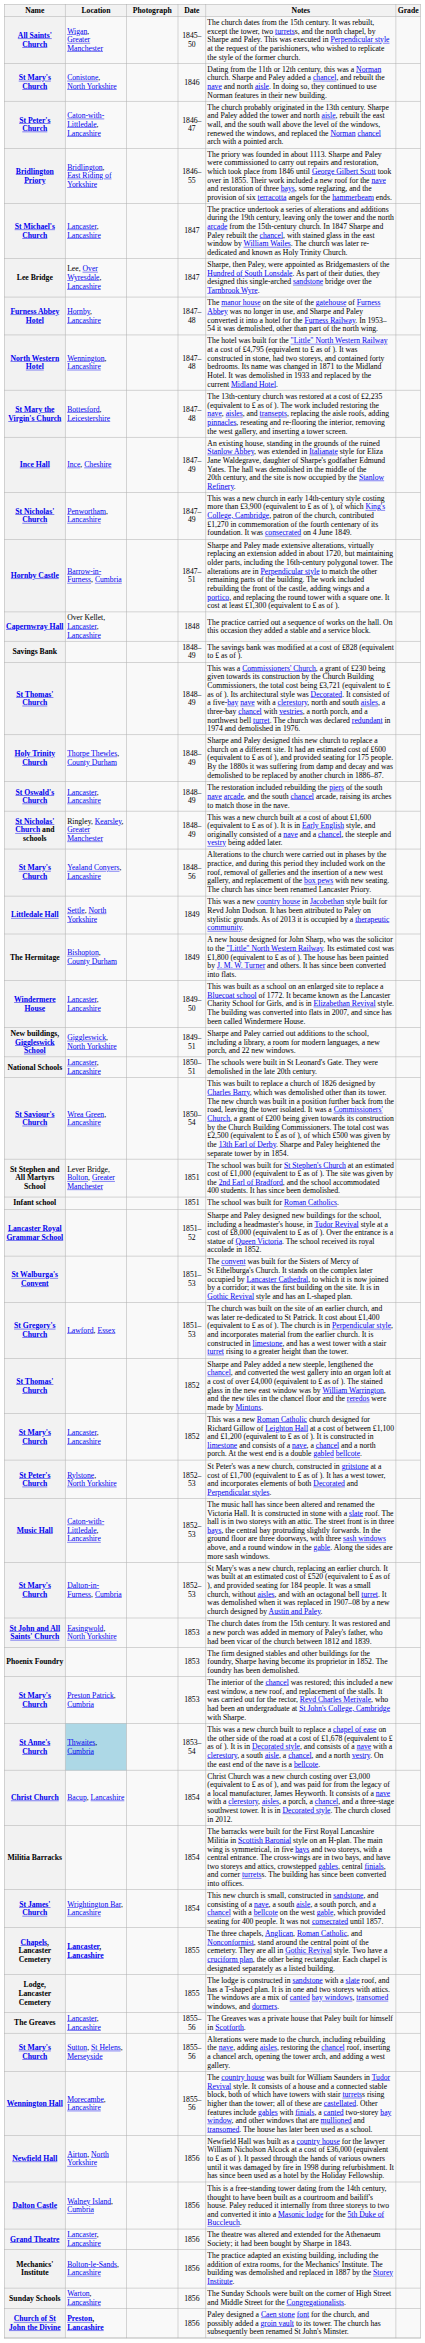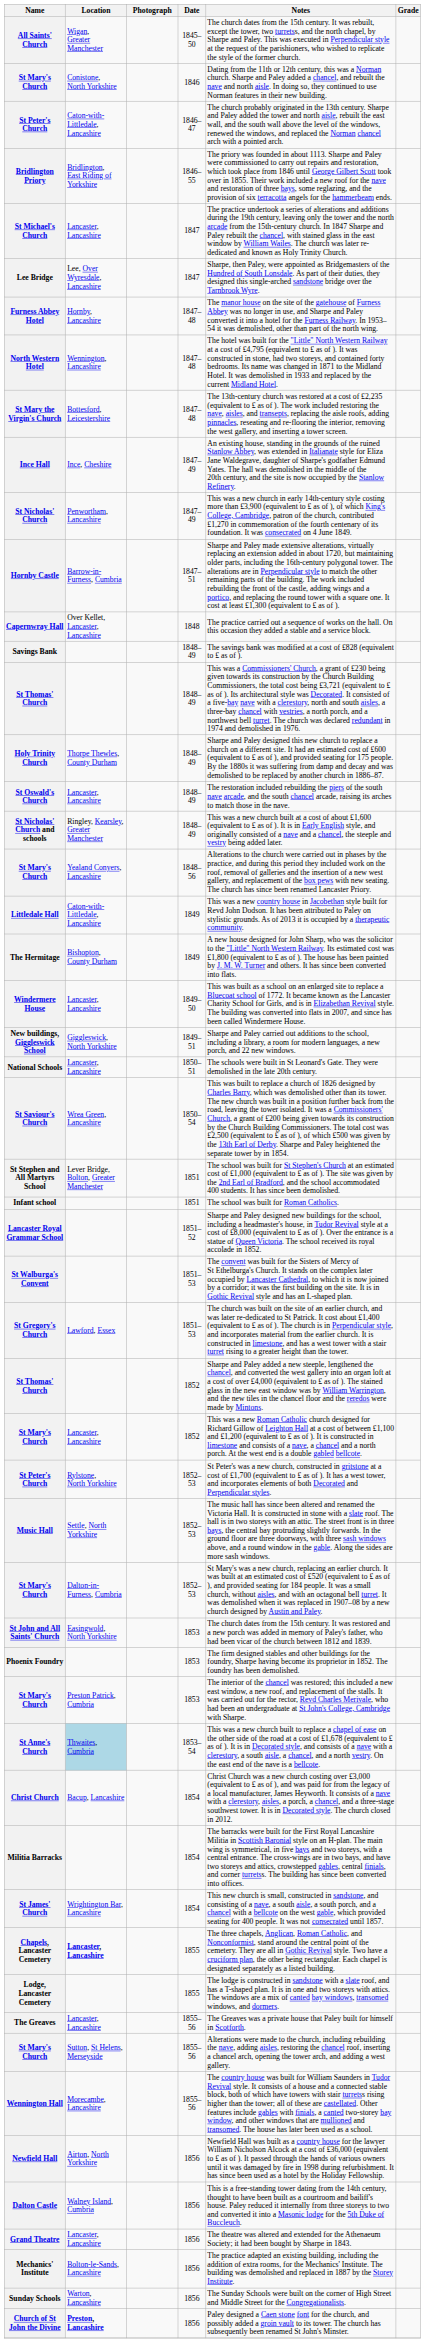 <table class="wikitable sortable plainrowheaders">
 <tr>
 <th scope="col" style="width:120px">Name</th>
 <th scope="col" style="width:120px">Location</th>
 <th scope="col" style="width:100px" class="unsortable">Photograph</th>
 <th scope="col" style="width:50px">Date</th>
 <th scope="col" class="unsortable">Notes</th>
 <th scope="col" style="width:24px">Grade</th>
 </tr>
 <tr>
 <th scope="row"><a href='#'>All Saints' Church</a></th>
 <td><a href='#'>Wigan</a>,<br><a href='#'>Greater Manchester</a><br><small></small></td>
 <td></td>
 <td align="center">1845–50</td>
 <td>The church dates from the 15th century.  It was rebuilt, except the tower, two <a href='#'>turrets</a>s, and the north chapel, by Sharpe and Paley.  This was executed in <a href='#'>Perpendicular style</a> at the request of the parishioners, who wished to replicate the style of the former church.</td>
 <td align="center" ></td>
 </tr>
 <tr>
 <th scope="row"><a href='#'>St Mary's Church</a></th>
 <td><a href='#'>Conistone</a>,<br><a href='#'>North Yorkshire</a><br><small></small></td>
 <td></td>
 <td align="center">1846</td>
 <td>Dating from the 11th or 12th century, this was a <a href='#'>Norman</a> church.  Sharpe and Paley added a <a href='#'>chancel</a>, and rebuilt the <a href='#'>nave</a> and north <a href='#'>aisle</a>.  In doing so, they continued to use Norman features in their new building.</td>
 <td align="center" ></td>
 </tr>
 <tr>
 <th scope="row"><a href='#'>St Peter's Church</a></th>
 <td><a href='#'>Caton-with-Littledale</a>, <a href='#'>Lancashire</a><br><small></small></td>
 <td></td>
 <td align="center">1846–47</td>
 <td>The church probably originated in the 13th century.  Sharpe and Paley added the tower and north <a href='#'>aisle</a>, rebuilt the east wall, and the south wall above the level of the windows, renewed the windows, and replaced the <a href='#'>Norman</a> <a href='#'>chancel</a> arch with a pointed arch.</td>
 <td align="center" ></td>
 </tr>
 <tr>
 <th scope="row"><a href='#'>Bridlington Priory</a></th>
 <td><a href='#'>Bridlington</a>,<br><a href='#'>East Riding of Yorkshire</a><br><small></small></td>
 <td></td>
 <td align="center">1846–55</td>
 <td>The priory was founded in about 1113.  Sharpe and Paley were commissioned to carry out repairs and restoration, which took place from 1846 until <a href='#'>George Gilbert Scott</a> took over in 1855.  Their work included a new roof for the <a href='#'>nave</a> and restoration of three <a href='#'>bays</a>, some reglazing, and the provision of six <a href='#'>terracotta</a> angels for the <a href='#'>hammerbeam</a> ends.</td>
 <td align="center" ></td>
 </tr>
 <tr>
 <th scope="row"><a href='#'>St Michael's Church</a></th>
 <td><a href='#'>Lancaster</a>, <a href='#'>Lancashire</a><br><small></small></td>
 <td></td>
 <td align="center">1847</td>
 <td>The practice undertook a series of alterations and additions during the 19th century, leaving only the tower and the north <a href='#'>arcade</a> from the 15th-century church.  In 1847 Sharpe and Paley rebuilt the <a href='#'>chancel</a>, with stained glass in the east window by <a href='#'>William Wailes</a>.  The church was later re-dedicated and known as Holy Trinity Church.</td>
 <td align="center" ></td>
 </tr>
 <tr>
 <th scope="row">Lee Bridge</th>
 <td>Lee, <a href='#'>Over Wyresdale</a>, <a href='#'>Lancashire</a><br><small></small></td>
 <td></td>
 <td align="center">1847</td>
 <td>Sharpe, then Paley, were appointed as Bridgemasters of the <a href='#'>Hundred of South Lonsdale</a>.  As part of their duties, they designed this single-arched <a href='#'>sandstone</a> bridge over the <a href='#'>Tarnbrook Wyre</a>.</td>
 <td align="center" ></td>
 </tr>
 <tr>
 <th scope="row"><a href='#'>Furness Abbey Hotel</a></th>
 <td><a href='#'>Hornby</a>, <a href='#'>Lancashire</a><br><small></small></td>
 <td></td>
 <td align="center">1847–48</td>
 <td>The <a href='#'>manor house</a> on the site of the <a href='#'>gatehouse</a> of <a href='#'>Furness Abbey</a> was no longer in use, and Sharpe and Paley converted it into a hotel for the <a href='#'>Furness Railway</a>.  In 1953–54 it was demolished, other than part of the north wing.</td>
 <td align="center" ></td>
 </tr>
 <tr>
 <th scope="row"><a href='#'>North Western Hotel</a></th>
 <td><a href='#'>Wennington</a>, <a href='#'>Lancashire</a><br><small></small></td>
 <td></td>
 <td align="center">1847–48</td>
 <td>The hotel was built for the <a href='#'>"Little" North Western Railway</a> at a cost of £4,795 (equivalent to £ as of ). It was constructed in stone, had two storeys, and contained forty bedrooms.  Its name was changed in 1871 to the Midland Hotel.  It was demolished in 1933 and replaced by the current <a href='#'>Midland Hotel</a>.</td>
 <td></td>
 </tr>
 <tr>
 <th scope="row"><a href='#'>St Mary the Virgin's Church</a></th>
 <td><a href='#'>Bottesford</a>, <a href='#'>Leicestershire</a><br><small></small></td>
 <td></td>
 <td align="center">1847–48</td>
 <td>The 13th-century church was restored at a cost of £2,235 (equivalent to £ as of ).  The work included restoring the <a href='#'>nave</a>, <a href='#'>aisles</a>, and <a href='#'>transepts</a>, replacing the aisle roofs, adding <a href='#'>pinnacles</a>, reseating and re-flooring the interior, removing the west gallery, and inserting a tower screen.</td>
 <td align="center" ></td>
 </tr>
 <tr>
 <th scope="row"><a href='#'>Ince Hall</a></th>
 <td><a href='#'>Ince</a>, <a href='#'>Cheshire</a></td>
 <td></td>
 <td align="center">1847–49</td>
 <td>An existing house, standing in the grounds of the ruined <a href='#'>Stanlow Abbey</a>, was extended in <a href='#'>Italianate</a> style for Eliza Jane Waldegrave, daughter of Sharpe's godfather Edmund Yates.  The hall was demolished in the middle of the 20th century, and the site is now occupied by the <a href='#'>Stanlow Refinery</a>.</td>
 <td></td>
 </tr>
 <tr>
 <th scope="row"><a href='#'>St Nicholas' Church</a></th>
 <td><a href='#'>Penwortham</a>, <a href='#'>Lancashire</a><small><br></small></td>
 <td></td>
 <td align="center">1847–49</td>
 <td>This was a new church in early 14th-century style costing more than £3,900 (equivalent to £ as of ), of which <a href='#'>King's College, Cambridge</a>, patron of the church, contributed £1,270 in commemoration of the fourth centenary of its foundation.  It was <a href='#'>consecrated</a> on 4 June 1849.</td>
 <td align="center" ></td>
 </tr>
 <tr>
 <th scope="row"><a href='#'>Hornby Castle</a></th>
 <td><a href='#'>Barrow-in-Furness</a>, <a href='#'>Cumbria</a><br><small></small></td>
 <td></td>
 <td align="center">1847–51</td>
 <td>Sharpe and Paley made extensive alterations, virtually replacing an extension added in about 1720, but maintaining older parts, including the 16th-century polygonal tower. The alterations are in <a href='#'>Perpendicular style</a> to match the other remaining parts of the building.  The work included rebuilding the front of the castle, adding wings and a <a href='#'>portico</a>, and replacing the round tower with a square one.  It cost at least £1,300 (equivalent to £ as of ).</td>
 <td align="center" ></td>
 </tr>
 <tr>
 <th scope="row"><a href='#'>Capernwray Hall</a></th>
 <td>Over Kellet, <a href='#'>Lancaster</a>, <a href='#'>Lancashire</a><br><small></small></td>
 <td></td>
 <td align="center">1848</td>
 <td>The practice carried out a sequence of works on the hall.  On this occasion they added a stable and a service block.</td>
 <td align="center" ></td>
 </tr>
 <tr>
 <th scope="row">Savings Bank</th>
 <td></td>
 <td></td>
 <td align="center">1848–49</td>
 <td>The savings bank was modified at a cost of £828 (equivalent to £ as of ).</td>
 <td></td>
 </tr>
 <tr>
 <th scope="row"><a href='#'>St Thomas' Church</a></th>
 <td></td>
 <td></td>
 <td align="center">1848–49</td>
 <td>This was a <a href='#'>Commissioners' Church</a>, a grant of £230 being given towards its construction by the Church Building Commissioners, the total cost being £3,721 (equivalent to £ as of ).  Its architectural style was <a href='#'>Decorated</a>. It consisted of a five-<a href='#'>bay</a> <a href='#'>nave</a> with a <a href='#'>clerestory</a>, north and south <a href='#'>aisles</a>, a three-bay <a href='#'>chancel</a> with <a href='#'>vestries</a>, a north porch, and a northwest bell <a href='#'>turret</a>.  The church was declared <a href='#'>redundant</a> in 1974 and demolished in 1976.</td>
 <td align="center" ></td>
 </tr>
 <tr>
 <th scope="row"><a href='#'>Holy Trinity Church</a></th>
 <td><a href='#'>Thorpe Thewles</a>,<br><a href='#'>County Durham</a><br><small></small></td>
 <td></td>
 <td align="center">1848–49</td>
 <td>Sharpe and Paley designed this new church to replace a church on a different site.  It had an estimated cost of £600 (equivalent to £ as of ), and provided seating for 175 people.  By the 1880s it was suffering from damp and decay and was demolished to be replaced by another church in 1886–87.</td>
 <td></td>
 </tr>
 <tr>
 <th scope="row"><a href='#'>St Oswald's Church</a></th>
 <td><a href='#'>Lancaster</a>, <a href='#'>Lancashire</a><small><br></small></td>
 <td></td>
 <td align="center">1848–49</td>
 <td>The restoration included rebuilding the <a href='#'>piers</a> of the south <a href='#'>nave</a> <a href='#'>arcade</a>, and the south <a href='#'>chancel</a> arcade, raising its arches to match those in the nave.</td>
 <td align="center" ></td>
 </tr>
 <tr>
 <th scope="row"><a href='#'>St Nicholas' Church</a> and schools</th>
 <td>Ringley, <a href='#'>Kearsley</a>,<br><a href='#'>Greater Manchester</a><br><small></small></td>
 <td></td>
 <td align="center">1848–49</td>
 <td>This was a new church built at a cost of about £1,600 (equivalent to £ as of ).  It is in <a href='#'>Early English</a> style, and originally consisted of a <a href='#'>nave</a> and a <a href='#'>chancel</a>, the steeple and <a href='#'>vestry</a> being added later.</td>
 <td align="center" ></td>
 </tr>
 <tr>
 <th scope="row"><a href='#'>St Mary's Church</a></th>
 <td><a href='#'>Yealand Conyers</a>, <a href='#'>Lancashire</a><small><br></small></td>
 <td></td>
 <td align="center">1848–56</td>
 <td>Alterations to the church were carried out in phases by the practice, and during this period they included work on the roof, removal of galleries and the insertion of a new west gallery, and replacement of the <a href='#'>box pews</a> with new seating.  The church has since been renamed Lancaster Priory.</td>
 <td align="center" ></td>
 </tr>
 <tr>
 <th scope="row"><a href='#'>Littledale Hall</a></th>
-<td><a href='#'>Settle</a>, <a href='#'>North Yorkshire</a><small><br></small></td>
+<td><a href='#'>Caton-with-Littledale</a>, <a href='#'>Lancashire</a><br><small></small></td>
 <td></td>
 <td align="center">1849</td>
 <td>This was a new <a href='#'>country house</a> in <a href='#'>Jacobethan</a> style built for Revd John Dodson.  It has been attributed to Paley on stylistic grounds.  As of 2013 it is occupied by a <a href='#'>therapeutic community</a>.</td>
 <td align="center" ></td>
 </tr>
 <tr>
 <th scope="row">The Hermitage</th>
 <td><a href='#'>Bishopton</a>,<br><a href='#'>County Durham</a><br><small></small></td>
 <td></td>
 <td align="center">1849</td>
 <td>A new house designed for John Sharp, who was the solicitor to the <a href='#'>"Little" North Western Railway</a>.  Its estimated cost was £1,800 (equivalent to £ as of ).  The house has been painted by <a href='#'>J. M. W. Turner</a> and others.  It has since been converted into flats.</td>
 <td></td>
 </tr>
 <tr>
 <th scope="row"><a href='#'>Windermere House</a></th>
 <td><a href='#'>Lancaster</a>, <a href='#'>Lancashire</a><br><small></small></td>
 <td></td>
 <td align="center">1849–50</td>
 <td>This was built as a school on an enlarged site to replace a <a href='#'>Bluecoat school</a> of 1772. It became known as the Lancaster Charity School for Girls, and is in <a href='#'>Elizabethan Revival</a> style. The building was converted into flats in 2007, and since has been called Windermere House.</td>
 <td align="center" ></td>
 </tr>
 <tr>
 <th scope="row">New buildings,<br><a href='#'>Giggleswick School</a></th>
 <td><a href='#'>Giggleswick</a>,<br><a href='#'>North Yorkshire</a><br><small></small></td>
 <td></td>
 <td align="center">1849–51</td>
 <td>Sharpe and Paley carried out additions to the school, including a library, a room for modern languages, a new porch, and 22 new windows.</td>
 <td></td>
 </tr>
 <tr>
 <th scope="row">National Schools</th>
 <td><a href='#'>Lancaster</a>, <a href='#'>Lancashire</a></td>
 <td></td>
 <td align="center">1850–51</td>
 <td>The schools were built in St Leonard's Gate.  They were demolished in the late 20th century.</td>
 <td></td>
 </tr>
 <tr>
 <th scope="row"><a href='#'>St Saviour's Church</a></th>
 <td><a href='#'>Wrea Green</a>, <a href='#'>Lancashire</a><br><small></small></td>
 <td></td>
 <td align="center">1850–54</td>
 <td>This was built to replace a church of 1826 designed by <a href='#'>Charles Barry</a>, which was demolished other than its tower.  The new church was built in a position further back from the road, leaving the tower isolated.  It was a <a href='#'>Commissioners' Church</a>, a grant of £200 being given towards its construction by the Church Building Commissioners.  The total cost was £2,500 (equivalent to £ as of ), of which £500 was given by the <a href='#'>13th Earl of Derby</a>.  Sharpe and Paley heightened the separate tower by  in 1854.</td>
 <td align="center" ></td>
 </tr>
 <tr>
 <th scope="row">St Stephen and All Martyrs School</th>
 <td>Lever Bridge, <a href='#'>Bolton</a>, <a href='#'>Greater Manchester</a></td>
 <td></td>
 <td align="center">1851</td>
 <td>The school was built for <a href='#'>St Stephen's Church</a> at an estimated cost of £1,000 (equivalent to £ as of ).  The site was given by the <a href='#'>2nd Earl of Bradford</a>, and the school accommodated 400 students. It has since been demolished.</td>
 <td></td>
 </tr>
 <tr>
 <th scope="row">Infant school</th>
 <td></td>
 <td></td>
 <td align="center">1851</td>
 <td>The school was built for <a href='#'>Roman Catholics</a>.</td>
 <td></td>
 </tr>
 <tr>
 <th scope="row"><a href='#'>Lancaster Royal Grammar School</a></th>
 <td><br><small></small></td>
 <td></td>
 <td align="center">1851–52</td>
 <td>Sharpe and Paley designed new buildings for the school, including a headmaster's house, in <a href='#'>Tudor Revival</a> style at a cost of £8,000 (equivalent to £ as of ).  Over the entrance is a statue of <a href='#'>Queen Victoria</a>.  The school received its royal accolade in 1852.</td>
 <td align="center" ></td>
 </tr>
 <tr>
 <th scope="row"><a href='#'>St Walburga's Convent</a></th>
 <td><br><small></small></td>
 <td></td>
 <td align="center">1851–53</td>
 <td>The <a href='#'>convent</a> was built for the Sisters of Mercy of St Ethelburga's Church.  It stands on the complex later occupied by <a href='#'>Lancaster Cathedral</a>, to which it is now joined by a corridor; it was the first building on the site.  It is in <a href='#'>Gothic Revival</a> style and has an L-shaped plan.</td>
 <td align="center" ></td>
 </tr>
 <tr>
 <th scope="row"><a href='#'>St Gregory's Church</a></th>
 <td><a href='#'>Lawford</a>, <a href='#'>Essex</a><small><br></small></td>
 <td></td>
 <td align="center">1851–53</td>
 <td>The church was built on the site of an earlier church, and was later re-dedicated to St Patrick.  It cost about £1,400 (equivalent to £ as of ).  The church is in <a href='#'>Perpendicular style</a>, and incorporates material from the earlier church.  It is constructed in <a href='#'>limestone</a>, and has a west tower with a stair <a href='#'>turret</a> rising to a greater height than the tower.</td>
 <td align="center" ></td>
 </tr>
 <tr>
 <th scope="row"><a href='#'>St Thomas' Church</a></th>
 <td><small><br></small></td>
 <td></td>
 <td align="center">1852</td>
 <td>Sharpe and Paley added a new steeple, lengthened the <a href='#'>chancel</a>, and converted the west gallery into an organ loft at a cost of over £4,000 (equivalent to £ as of ).  The stained glass in the new east window was by <a href='#'>William Warrington</a>, and the new tiles in the chancel floor and the <a href='#'>reredos</a> were made by <a href='#'>Mintons</a>.</td>
 <td align="center" ></td>
 </tr>
 <tr>
 <th scope="row"><a href='#'>St Mary's Church</a></th>
 <td><a href='#'>Lancaster</a>, <a href='#'>Lancashire</a><br><small></small></td>
 <td></td>
 <td align="center">1852</td>
 <td>This was a new <a href='#'>Roman Catholic</a> church designed for Richard Gillow of <a href='#'>Leighton Hall</a> at a cost of between £1,100 and £1,200 (equivalent to £ as of ).  It is constructed in <a href='#'>limestone</a> and consists of a <a href='#'>nave</a>, a <a href='#'>chancel</a> and a north porch.  At the west end is a double <a href='#'>gabled</a> <a href='#'>bellcote</a>.</td>
 <td align="center" ></td>
 </tr>
 <tr>
 <th scope="row"><a href='#'>St Peter's Church</a></th>
 <td><a href='#'>Rylstone</a>,<br><a href='#'>North Yorkshire</a><small><br></small></td>
 <td></td>
 <td align="center">1852–53</td>
 <td>St Peter's was a new church, constructed in <a href='#'>gritstone</a> at a cost of £1,700 (equivalent to £ as of ).  It has a west tower, and incorporates elements of both <a href='#'>Decorated</a> and <a href='#'>Perpendicular styles</a>.</td>
 <td align="center" ></td>
 </tr>
 <tr>
 <th scope="row"><a href='#'>Music Hall</a></th>
-<td><a href='#'>Caton-with-Littledale</a>, <a href='#'>Lancashire</a><br><small></small></td>
+<td><a href='#'>Settle</a>, <a href='#'>North Yorkshire</a><small><br></small></td>
 <td></td>
 <td align="center">1852–53</td>
 <td>The music hall has since been altered and renamed the Victoria Hall.  It is constructed in stone with a <a href='#'>slate</a> roof.  The hall is in two storeys with an attic.  The street front is in three <a href='#'>bays</a>, the central bay protruding slightly forwards.  In the ground floor are three doorways, with three <a href='#'>sash windows</a> above, and a round window in the <a href='#'>gable</a>.  Along the sides are more sash windows.</td>
 <td align="center" ></td>
 </tr>
 <tr>
 <th scope="row"><a href='#'>St Mary's Church</a></th>
 <td><a href='#'>Dalton-in-Furness</a>, <a href='#'>Cumbria</a><br><small></small></td>
 <td></td>
 <td align="center">1852–53</td>
 <td>St Mary's was a new church, replacing an earlier church.  It was built at an estimated cost of £520 (equivalent to £ as of ), and provided seating for 184 people.  It was a small church, without <a href='#'>aisles</a>, and with an octagonal bell <a href='#'>turret</a>. It was demolished when it was replaced in 1907–08 by a new church designed by <a href='#'>Austin and Paley</a>.</td>
 <td></td>
 </tr>
 <tr>
 <th scope="row"><a href='#'>St John and All Saints' Church</a></th>
 <td><a href='#'>Easingwold</a>,<br><a href='#'>North Yorkshire</a><small><br></small></td>
 <td></td>
 <td align="center">1853</td>
 <td>The church dates from the 15th century.  It was restored and a new porch was added in memory of Paley's father, who had been vicar of the church between 1812 and 1839.</td>
 <td align="center" ></td>
 </tr>
 <tr>
 <th scope="row">Phoenix Foundry</th>
 <td><small><br></small></td>
 <td></td>
 <td align="center">1853</td>
 <td>The firm designed stables and other buildings for the foundry, Sharpe having become its proprietor in 1852.  The foundry has been demolished.</td>
 <td></td>
 </tr>
 <tr>
 <th scope="row"><a href='#'>St Mary's Church</a></th>
 <td><a href='#'>Preston Patrick</a>, <a href='#'>Cumbria</a><br><small></small></td>
 <td></td>
 <td align="center">1853</td>
 <td>The interior of the <a href='#'>chancel</a> was restored; this included a new east window, a new roof, and replacement of the stalls.  It was carried out for the rector, <a href='#'>Revd Charles Merivale</a>, who had been an undergraduate at <a href='#'>St John's College, Cambridge</a> with Sharpe.</td>
 <td align="center" ></td>
 </tr>
 <tr>
 <th scope="row"><a href='#'>St Anne's Church</a></th>
 <td style="background: lightblue;"><a href='#'>Thwaites</a>, <a href='#'>Cumbria</a><small><br></small></td>
 <td></td>
 <td align="center">1853–54</td>
 <td>This was a new church built to replace a <a href='#'>chapel of ease</a> on the other side of the road at a cost of £1,678 (equivalent to £ as of ).  It is in <a href='#'>Decorated style</a>, and consists of a <a href='#'>nave</a> with a <a href='#'>clerestory</a>, a south <a href='#'>aisle</a>, a <a href='#'>chancel</a>, and a north <a href='#'>vestry</a>.  On the east end of the nave is a <a href='#'>bellcote</a>.</td>
 <td align="center" ></td>
 </tr>
 <tr>
 <th scope="row"><a href='#'>Christ Church</a></th>
 <td><a href='#'>Bacup</a>, <a href='#'>Lancashire</a><br><small></small></td>
 <td></td>
 <td align="center">1854</td>
 <td>Christ Church was a new church costing over £3,000 (equivalent to £ as of ), and was paid for from the legacy of a local manufacturer, James Heyworth.  It consists of a <a href='#'>nave</a> with a <a href='#'>clerestory</a>, <a href='#'>aisles</a>, a porch, a <a href='#'>chancel</a>, and a three-stage southwest tower. It is in <a href='#'>Decorated style</a>.  The church closed in 2012.</td>
 <td align="center" ></td>
 </tr>
 <tr>
 <th scope="row">Militia Barracks</th>
 <td><br><small></small></td>
 <td></td>
 <td align="center">1854</td>
 <td>The barracks were built for the First Royal Lancashire Militia in <a href='#'>Scottish Baronial</a> style on an H-plan.  The main wing is symmetrical, in five <a href='#'>bays</a> and two storeys, with a central entrance.  The cross-wings are in two bays, and have two storeys and attics, crowstepped <a href='#'>gables</a>, central <a href='#'>finials</a>, and corner <a href='#'>turrets</a>s.  The building has since been converted into offices.</td>
 <td align="center" ></td>
 </tr>
 <tr>
 <th scope="row"><a href='#'>St James' Church</a></th>
 <td><a href='#'>Wrightington Bar</a>, <a href='#'>Lancashire</a><br><small></small></td>
 <td></td>
 <td align="center">1854</td>
 <td>This new church is small, constructed in <a href='#'>sandstone</a>, and consisting of a <a href='#'>nave</a>, a south <a href='#'>aisle</a>, a south porch, and a <a href='#'>chancel</a> with a <a href='#'>bellcote</a> on the west <a href='#'>gable</a>, which provided seating for 400 people.  It was not <a href='#'>consecrated</a> until 1857.</td>
 <td align="center" ></td>
 </tr>
 <tr>
 <th scope="row"><a href='#'>Chapels</a>,<br>Lancaster Cemetery</th>
 <td><strong><a href='#'>Lancaster</a>, <a href='#'>Lancashire</a><small><br></small></strong></td>
 <td></td>
 <td align="center">1855</td>
 <td>The three chapels, <a href='#'>Anglican</a>, <a href='#'>Roman Catholic</a>, and <a href='#'>Nonconformist</a>, stand around the central point of the cemetery.  They are all in <a href='#'>Gothic Revival</a> style.  Two have a <a href='#'>cruciform plan</a>, the other being rectangular.  Each chapel is designated separately as a listed building.</td>
 <td align="center" ></td>
 </tr>
 <tr>
 <th scope="row">Lodge,<br>Lancaster Cemetery</th>
 <td><small><br></small></td>
 <td></td>
 <td align="center">1855</td>
 <td>The lodge is constructed in <a href='#'>sandstone</a> with a <a href='#'>slate</a> roof, and has a T-shaped plan.  It is in one and two storeys with attics.  The windows are a mix of <a href='#'>canted</a> <a href='#'>bay windows</a>, <a href='#'>transomed</a> windows, and <a href='#'>dormers</a>.</td>
 <td align="center" ></td>
 </tr>
 <tr>
 <th scope="row">The Greaves</th>
 <td><a href='#'>Lancaster</a>, <a href='#'>Lancashire</a></td>
 <td></td>
 <td align="center">1855–56</td>
 <td>The Greaves was a private house that Paley built for himself in <a href='#'>Scotforth</a>.</td>
 <td></td>
 </tr>
 <tr>
 <th scope="row"><a href='#'>St Mary's Church</a></th>
 <td><a href='#'>Sutton</a>, <a href='#'>St Helens</a>, <a href='#'>Merseyside</a><br><small></small></td>
 <td></td>
 <td align="center">1855–56</td>
 <td>Alterations were made to the church, including rebuilding the <a href='#'>nave</a>, adding <a href='#'>aisles</a>, restoring the <a href='#'>chancel</a> roof, inserting a chancel arch, opening the tower arch, and adding a west gallery.</td>
 <td align="center" ></td>
 </tr>
 <tr>
 <th scope="row"><a href='#'>Wennington Hall</a></th>
 <td><a href='#'>Morecambe</a>, <a href='#'>Lancashire</a><br><small></small></td>
 <td></td>
 <td align="center">1855–56</td>
 <td>The <a href='#'>country house</a> was built for William Saunders in <a href='#'>Tudor Revival</a> style.  It consists of a house and a connected stable block, both of which have towers with stair <a href='#'>turrets</a>s rising higher than the tower; all of these are <a href='#'>castellated</a>.  Other features include <a href='#'>gables</a> with <a href='#'>finials</a>, a <a href='#'>canted</a> two-storey <a href='#'>bay window</a>, and other windows that are <a href='#'>mullioned</a> and <a href='#'>transomed</a>.  The house has later been used as a school.</td>
 <td align="center" ></td>
 </tr>
 <tr>
 <th scope="row"><a href='#'>Newfield Hall</a></th>
 <td><a href='#'>Airton</a>, <a href='#'>North Yorkshire</a><br><small></small></td>
 <td></td>
 <td align="center">1856</td>
 <td>Newfield Hall was built as a <a href='#'>country house</a> for the lawyer William Nicholson Alcock at a cost of £36,000 (equivalent to £ as of ).  It passed through the hands of various owners until it was damaged by fire in 1998 during refurbishment.  It has since been used as a hotel by the Holiday Fellowship.</td>
 <td></td>
 </tr>
 <tr>
 <th scope="row"><a href='#'>Dalton Castle</a></th>
 <td><a href='#'>Walney Island</a>, <a href='#'>Cumbria</a><small><br></small></td>
 <td></td>
 <td align="center">1856</td>
 <td>This is a free-standing tower dating from the 14th century, thought to have been built as a courtroom and bailiff's house.  Paley reduced it internally from three storeys to two and converted it into a <a href='#'>Masonic lodge</a> for the <a href='#'>5th Duke of Buccleuch</a>.</td>
 <td align="center" ></td>
 </tr>
 <tr>
 <th scope="row"><a href='#'>Grand Theatre</a></th>
 <td><a href='#'>Lancaster</a>, <a href='#'>Lancashire</a><br><small></small></td>
 <td></td>
 <td align="center">1856</td>
 <td>The theatre was altered and extended for the Athenaeum Society; it had been bought by Sharpe in 1843.</td>
 <td align="center" ></td>
 </tr>
 <tr>
 <th scope="row">Mechanics' Institute</th>
 <td><a href='#'>Bolton-le-Sands</a>, <a href='#'>Lancashire</a><br><small></small></td>
 <td></td>
 <td align="center">1856</td>
 <td>The practice adapted an existing building, including the addition of extra rooms, for the Mechanics' Institute.  The building was demolished and replaced in 1887 by the <a href='#'>Storey Institute</a>.</td>
 <td></td>
 </tr>
 <tr>
 <th scope="row">Sunday Schools</th>
 <td><a href='#'>Warton</a>, <a href='#'>Lancashire</a><br><small></small></td>
 <td></td>
 <td align="center">1856</td>
 <td>The Sunday Schools were built on the corner of High Street and Middle Street for the <a href='#'>Congregationalists</a>.</td>
 <td></td>
 </tr>
 <tr>
 <th scope="row"><a href='#'>Church of St John the Divine</a></th>
 <td><strong><a href='#'>Preston</a>, <a href='#'>Lancashire</a><small><br></small></strong></td>
 <td></td>
 <td align="center">1856</td>
 <td>Paley designed a <a href='#'>Caen stone</a> <a href='#'>font</a> for the church, and possibly added a <a href='#'>groin vault</a> to its tower.  The church has subsequently been renamed St John's Minster.</td>
 <td align="center" ></td>
 </tr>
 <tr>
 </tr>
 </table>
